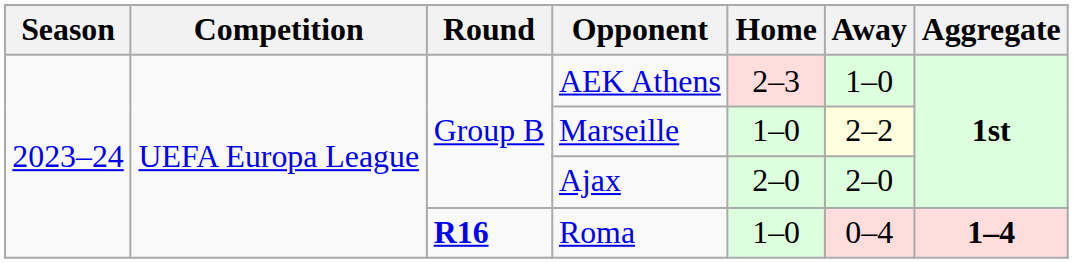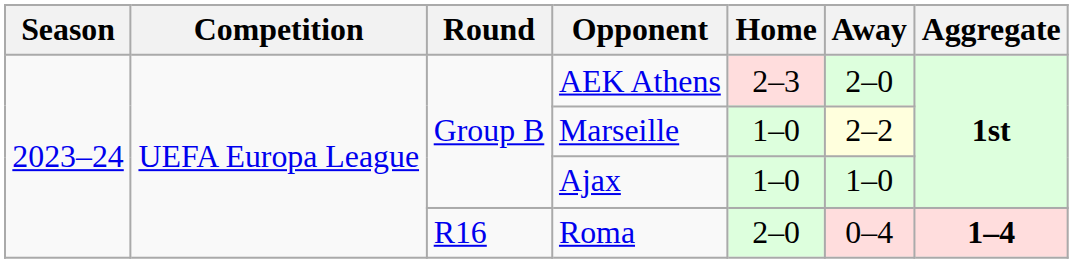 <table class="wikitable">
 <tr>
 <th>Season</th>
 <th>Competition</th>
 <th>Round</th>
 <th>Opponent</th>
 <th>Home</th>
 <th>Away</th>
 <th>Aggregate</th>
 </tr>
 <tr>
 <td rowspan="4"><a href='#'>2023–24</a></td>
 <td rowspan="4"><a href='#'>UEFA Europa League</a></td>
 <td rowspan="3"><a href='#'>Group B</a></td>
 <td> <a href='#'>AEK Athens</a></td>
 <td style="text-align:center; background:#fdd;">2–3</td>
-<td style="text-align:center; background:#dfd;">1–0</td>
+<td style="text-align:center; background:#dfd;">2–0</td>
 <td bgcolor="#ddffdd" style="text-align:center;" rowspan="3"><strong>1st</strong></td>
 </tr>
 <tr>
 <td> <a href='#'>Marseille</a></td>
 <td style="text-align:center; background:#dfd;">1–0</td>
 <td style="text-align:center; background:#ffd;">2–2</td>
 </tr>
 <tr>
 <td> <a href='#'>Ajax</a></td>
-<td style="text-align:center; background:#dfd;">2–0</td>
-<td style="text-align:center; background:#dfd;">2–0</td>
+<td style="text-align:center; background:#dfd;">1–0</td>
+<td style="text-align:center; background:#dfd;">1–0</td>
 </tr>
 <tr>
-<td><strong><a href='#'>R16</a></strong></td>
+<td><a href='#'>R16</a></td>
 <td> <a href='#'>Roma</a></td>
-<td style="text-align:center; background:#dfd;">1–0</td>
+<td style="text-align:center; background:#dfd;">2–0</td>
 <td style="text-align:center; background:#fdd;">0–4</td>
 <td style="text-align:center; background:#fdd;"><strong>1–4</strong></td>
 </tr>
 </table>
